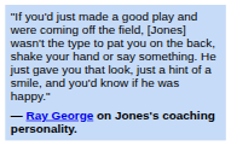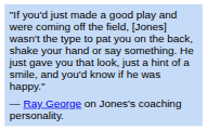 <table class="toccolours" style="float: right; margin-left: 1em; margin-right: 2em; font-size: 85%; background:#c6dbf7; color:black; width:30em; max-width: 40%;" cellspacing="5">
 <tr>
 <td style="text-align: left;">"If you'd just made a good play and were coming off the field, [Jones] wasn't the type to pat you on the back, shake your hand or say something. He just gave you that look, just a hint of a smile, and you'd know if he was happy."</td>
 </tr>
 <tr>
-<td style="text-align: left;"><strong>— <a href='#'>Ray George</a> on Jones's coaching personality.</strong></td>
+<td style="text-align: left;">— <a href='#'>Ray George</a> on Jones's coaching personality.</td>
 </tr>
 </table>
